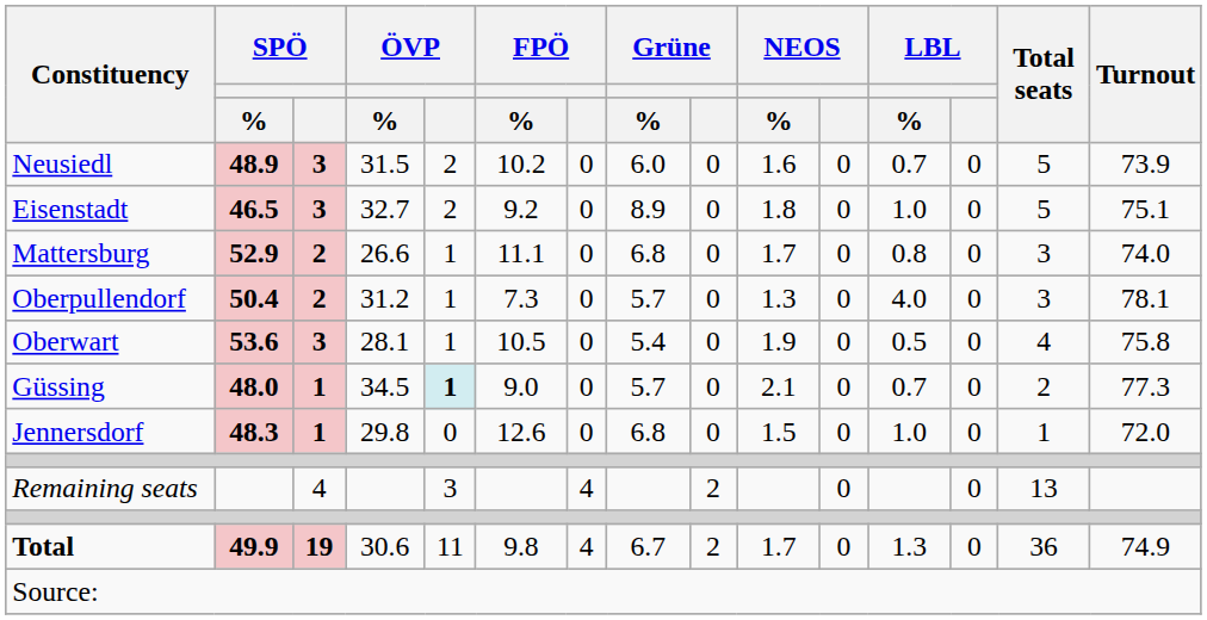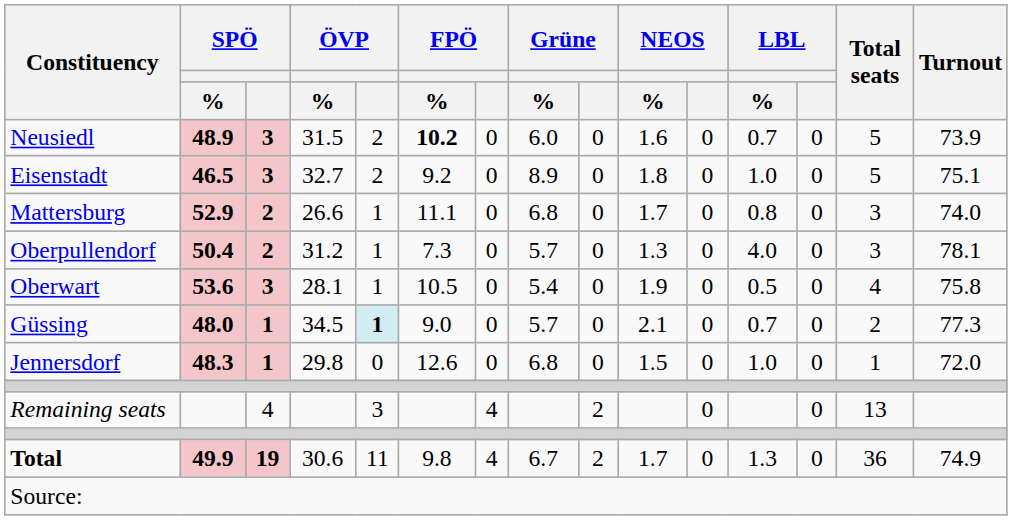 <table class="wikitable" style="text-align:center;font-size:90%;line-height:16px">
 <tr style="height:40px;">
 <th style="width:100px;" rowspan="3">Constituency</th>
 <th style="width:60px;" colspan="2"><a href='#'>SPÖ</a></th>
 <th style="width:60px;" colspan="2"><a href='#'>ÖVP</a></th>
 <th style="width:60px;" colspan="2"><a href='#'>FPÖ</a></th>
 <th style="width:60px;" colspan="2"><a href='#'>Grüne</a></th>
 <th style="width:60px;" colspan="2"><a href='#'>NEOS</a></th>
 <th style="width:60px;" colspan="2"><a href='#'>LBL</a></th>
 <th class="unsortable" style="width:40px;" rowspan="3">Total<br>seats</th>
 <th class="unsortable" style="width:40px;" rowspan="3">Turnout</th>
 </tr>
 <tr>
 <th colspan="2" style="background:"></th>
 <th colspan="2" style="background:"></th>
 <th colspan="2" style="background:"></th>
 <th colspan="2" style="background:"></th>
 <th colspan="2" style="background:"></th>
 <th colspan="2" style="background:"></th>
 </tr>
 <tr>
 <th class=unsortable>%</th>
 <th class=unsortable></th>
 <th class=unsortable>%</th>
 <th class=unsortable></th>
 <th class=unsortable>%</th>
 <th class=unsortable></th>
 <th class=unsortable>%</th>
 <th class=unsortable></th>
 <th class=unsortable>%</th>
 <th class=unsortable></th>
 <th class=unsortable>%</th>
 <th class=unsortable></th>
 </tr>
 <tr>
 <td align=left><a href='#'>Neusiedl</a></td>
 <td bgcolor=#F4C6C9><strong>48.9</strong></td>
 <td bgcolor=#F4C6C9><strong>3</strong></td>
 <td>31.5</td>
 <td>2</td>
-<td>10.2</td>
+<td><strong>10.2</strong></td>
 <td>0</td>
 <td>6.0</td>
 <td>0</td>
 <td>1.6</td>
 <td>0</td>
 <td>0.7</td>
 <td>0</td>
 <td>5</td>
 <td>73.9</td>
 </tr>
 <tr>
 <td align=left><a href='#'>Eisenstadt</a></td>
 <td bgcolor=#F4C6C9><strong>46.5</strong></td>
 <td bgcolor=#F4C6C9><strong>3</strong></td>
 <td>32.7</td>
 <td>2</td>
 <td>9.2</td>
 <td>0</td>
 <td>8.9</td>
 <td>0</td>
 <td>1.8</td>
 <td>0</td>
 <td>1.0</td>
 <td>0</td>
 <td>5</td>
 <td>75.1</td>
 </tr>
 <tr>
 <td align=left><a href='#'>Mattersburg</a></td>
 <td bgcolor=#F4C6C9><strong>52.9</strong></td>
 <td bgcolor=#F4C6C9><strong>2</strong></td>
 <td>26.6</td>
 <td>1</td>
 <td>11.1</td>
 <td>0</td>
 <td>6.8</td>
 <td>0</td>
 <td>1.7</td>
 <td>0</td>
 <td>0.8</td>
 <td>0</td>
 <td>3</td>
 <td>74.0</td>
 </tr>
 <tr>
 <td align=left><a href='#'>Oberpullendorf</a></td>
 <td bgcolor=#F4C6C9><strong>50.4</strong></td>
 <td bgcolor=#F4C6C9><strong>2</strong></td>
 <td>31.2</td>
 <td>1</td>
 <td>7.3</td>
 <td>0</td>
 <td>5.7</td>
 <td>0</td>
 <td>1.3</td>
 <td>0</td>
 <td>4.0</td>
 <td>0</td>
 <td>3</td>
 <td>78.1</td>
 </tr>
 <tr>
 <td align=left><a href='#'>Oberwart</a></td>
 <td bgcolor=#F4C6C9><strong>53.6</strong></td>
 <td bgcolor=#F4C6C9><strong>3</strong></td>
 <td>28.1</td>
 <td>1</td>
 <td>10.5</td>
 <td>0</td>
 <td>5.4</td>
 <td>0</td>
 <td>1.9</td>
 <td>0</td>
 <td>0.5</td>
 <td>0</td>
 <td>4</td>
 <td>75.8</td>
 </tr>
 <tr>
 <td align=left><a href='#'>Güssing</a></td>
 <td bgcolor=#F4C6C9><strong>48.0</strong></td>
 <td bgcolor=#F4C6C9><strong>1</strong></td>
 <td>34.5</td>
 <td bgcolor=#D2EDF1><strong>1</strong></td>
 <td>9.0</td>
 <td>0</td>
 <td>5.7</td>
 <td>0</td>
 <td>2.1</td>
 <td>0</td>
 <td>0.7</td>
 <td>0</td>
 <td>2</td>
 <td>77.3</td>
 </tr>
 <tr>
 <td align=left><a href='#'>Jennersdorf</a></td>
 <td bgcolor=#F4C6C9><strong>48.3</strong></td>
 <td bgcolor=#F4C6C9><strong>1</strong></td>
 <td>29.8</td>
 <td>0</td>
 <td>12.6</td>
 <td>0</td>
 <td>6.8</td>
 <td>0</td>
 <td>1.5</td>
 <td>0</td>
 <td>1.0</td>
 <td>0</td>
 <td>1</td>
 <td>72.0</td>
 </tr>
 <tr>
 <td colspan=15 bgcolor=lightgrey></td>
 </tr>
 <tr>
 <td align=left><em>Remaining seats</em></td>
 <td></td>
 <td>4</td>
 <td></td>
 <td>3</td>
 <td></td>
 <td>4</td>
 <td></td>
 <td>2</td>
 <td></td>
 <td>0</td>
 <td></td>
 <td>0</td>
 <td>13</td>
 <td></td>
 </tr>
 <tr>
 <td colspan=15 bgcolor=lightgrey></td>
 </tr>
 <tr>
 <td align=left><strong>Total</strong></td>
 <td bgcolor=#F4C6C9><strong>49.9</strong></td>
 <td bgcolor=#F4C6C9><strong>19</strong></td>
 <td>30.6</td>
 <td>11</td>
 <td>9.8</td>
 <td>4</td>
 <td>6.7</td>
 <td>2</td>
 <td>1.7</td>
 <td>0</td>
 <td>1.3</td>
 <td>0</td>
 <td>36</td>
 <td>74.9</td>
 </tr>
 <tr class=sortbottom>
 <td colspan=15 align=left>Source: </td>
 </tr>
 </table>
